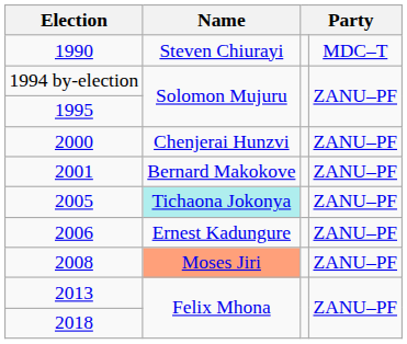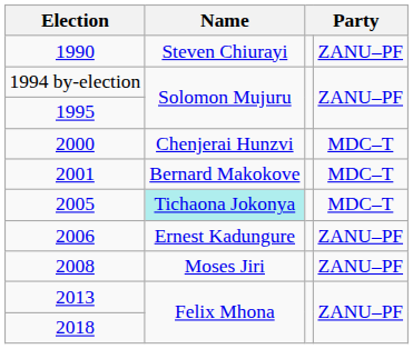 <table class="wikitable" style="text-align:center">
 <tr>
 <th>Election</th>
 <th>Name</th>
 <th colspan="2">Party</th>
 </tr>
 <tr>
 <td><a href='#'>1990</a></td>
 <td><a href='#'>Steven Chiurayi</a></td>
 <td style="background-color: "></td>
-<td><a href='#'>MDC–T</a></td>
+<td><a href='#'>ZANU–PF</a></td>
 </tr>
 <tr>
 <td>1994 by-election</td>
 <td rowspan="2"><a href='#'>Solomon Mujuru</a></td>
 <td rowspan="2" style="background-color: "></td>
 <td rowspan="2"><a href='#'>ZANU–PF</a></td>
 </tr>
 <tr>
 <td><a href='#'>1995</a></td>
 </tr>
 <tr>
 <td><a href='#'>2000</a></td>
 <td><a href='#'>Chenjerai Hunzvi</a></td>
 <td style="background-color: "></td>
-<td><a href='#'>ZANU–PF</a></td>
+<td><a href='#'>MDC–T</a></td>
 </tr>
 <tr>
 <td><a href='#'>2001</a></td>
 <td><a href='#'>Bernard Makokove</a></td>
 <td style="background-color: "></td>
-<td><a href='#'>ZANU–PF</a></td>
+<td><a href='#'>MDC–T</a></td>
 </tr>
 <tr>
 <td><a href='#'>2005</a></td>
 <td style="background: paleturquoise;"><a href='#'>Tichaona Jokonya</a></td>
 <td style="background-color: "></td>
-<td><a href='#'>ZANU–PF</a></td>
+<td><a href='#'>MDC–T</a></td>
 </tr>
 <tr>
 <td><a href='#'>2006</a></td>
 <td><a href='#'>Ernest Kadungure</a></td>
 <td style="background-color: "></td>
 <td><a href='#'>ZANU–PF</a></td>
 </tr>
 <tr>
 <td><a href='#'>2008</a></td>
-<td style="background: lightsalmon;"><a href='#'>Moses Jiri</a></td>
+<td><a href='#'>Moses Jiri</a></td>
 <td style="background-color: "></td>
 <td><a href='#'>ZANU–PF</a></td>
 </tr>
 <tr>
 <td><a href='#'>2013</a></td>
 <td rowspan="2"><a href='#'>Felix Mhona</a></td>
 <td rowspan="2" style="background-color: "></td>
 <td rowspan="2"><a href='#'>ZANU–PF</a></td>
 </tr>
 <tr>
 <td><a href='#'>2018</a></td>
 </tr>
 </table>
